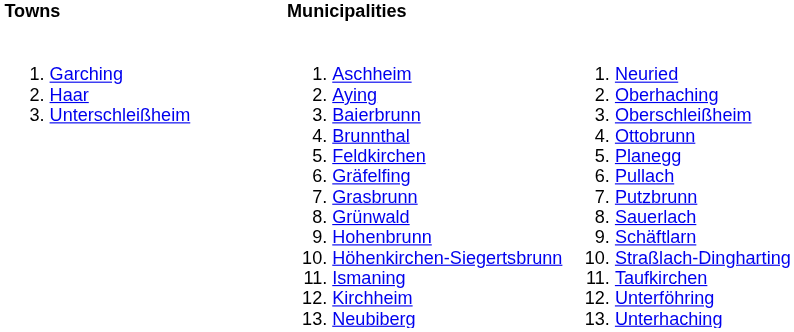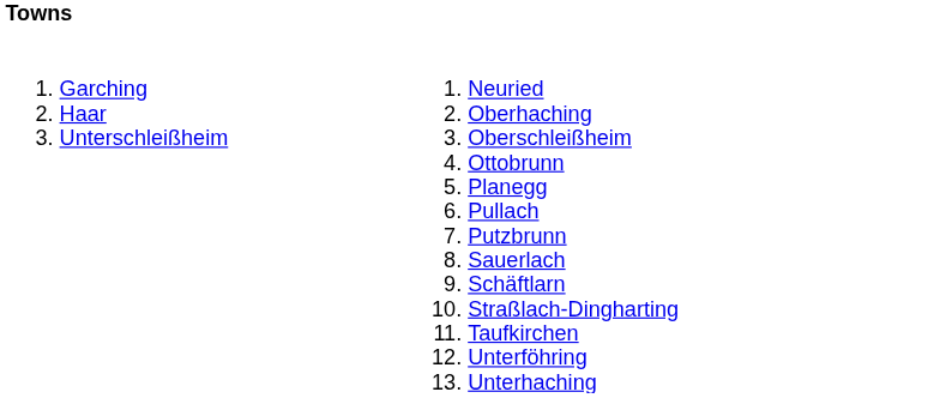 <table>
 <tr>
 <th align=left width=33%>Towns</th>
-<th align=left width=33%>Municipalities</th>
 <th align=left width=33%></th>
 </tr>
 <tr valign=top>
 <td><br><ol><li><a href='#'>Garching</a></li><li><a href='#'>Haar</a></li><li><a href='#'>Unterschleißheim</a></li></ol></td>
-<td><br><ol><li><a href='#'>Aschheim</a></li><li><a href='#'>Aying</a></li><li><a href='#'>Baierbrunn</a></li><li><a href='#'>Brunnthal</a></li><li><a href='#'>Feldkirchen</a></li><li><a href='#'>Gräfelfing</a></li><li><a href='#'>Grasbrunn</a></li><li><a href='#'>Grünwald</a></li><li><a href='#'>Hohenbrunn</a></li><li><a href='#'>Höhenkirchen-Siegertsbrunn</a></li><li><a href='#'>Ismaning</a></li><li><a href='#'>Kirchheim</a></li><li><a href='#'>Neubiberg</a></li></ol></td>
 <td><br><ol> <li><a href='#'>Neuried</a></li> <li><a href='#'>Oberhaching</a></li> <li><a href='#'>Oberschleißheim</a></li> <li><a href='#'>Ottobrunn</a></li> <li><a href='#'>Planegg</a></li> <li><a href='#'>Pullach</a></li> <li><a href='#'>Putzbrunn</a></li> <li><a href='#'>Sauerlach</a></li> <li><a href='#'>Schäftlarn</a></li> <li><a href='#'>Straßlach-Dingharting</a></li> <li><a href='#'>Taufkirchen</a></li> <li><a href='#'>Unterföhring</a></li> <li><a href='#'>Unterhaching</a></li> </ol></td>
 </tr>
 </table>
